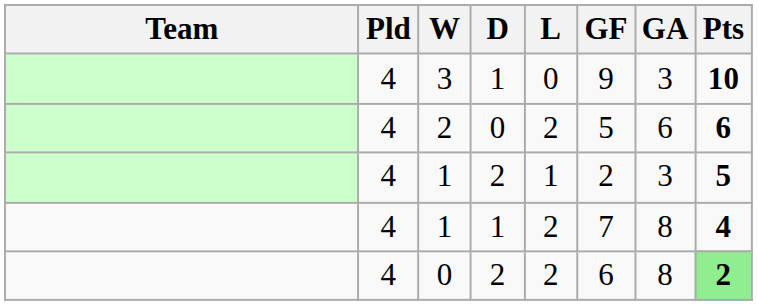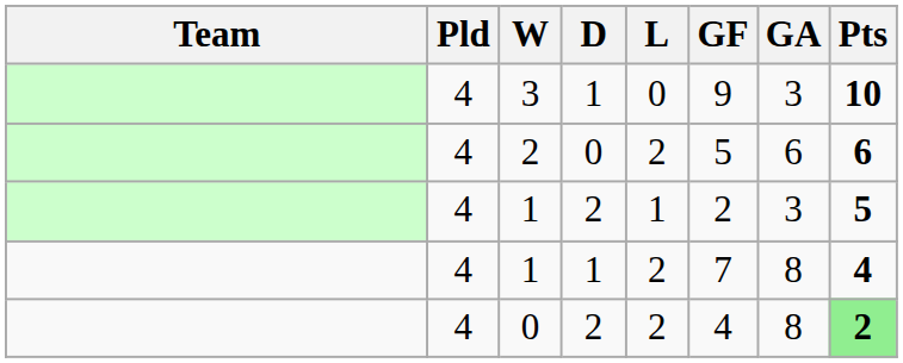 <table class="wikitable" style="text-align:center">
 <tr>
 <th width=175>Team</th>
 <th width=20>Pld</th>
 <th width=20>W</th>
 <th width=20>D</th>
 <th width=20>L</th>
 <th width=20>GF</th>
 <th width=20>GA</th>
 <th width=20>Pts</th>
 </tr>
 <tr>
 <td style="text-align:left; background:#cfc;"></td>
 <td>4</td>
 <td>3</td>
 <td>1</td>
 <td>0</td>
 <td>9</td>
 <td>3</td>
 <td><strong>10</strong></td>
 </tr>
 <tr>
 <td style="text-align:left; background:#cfc;"></td>
 <td>4</td>
 <td>2</td>
 <td>0</td>
 <td>2</td>
 <td>5</td>
 <td>6</td>
 <td><strong>6</strong></td>
 </tr>
 <tr>
 <td style="text-align:left; background:#cfc;"></td>
 <td>4</td>
 <td>1</td>
 <td>2</td>
 <td>1</td>
 <td>2</td>
 <td>3</td>
 <td><strong>5</strong></td>
 </tr>
 <tr>
 <td align=left></td>
 <td>4</td>
 <td>1</td>
 <td>1</td>
 <td>2</td>
 <td>7</td>
 <td>8</td>
 <td><strong>4</strong></td>
 </tr>
 <tr>
 <td align=left></td>
 <td>4</td>
 <td>0</td>
 <td>2</td>
 <td>2</td>
-<td>6</td>
+<td>4</td>
 <td>8</td>
 <td style="background: lightgreen;"><strong>2</strong></td>
 </tr>
 </table>
